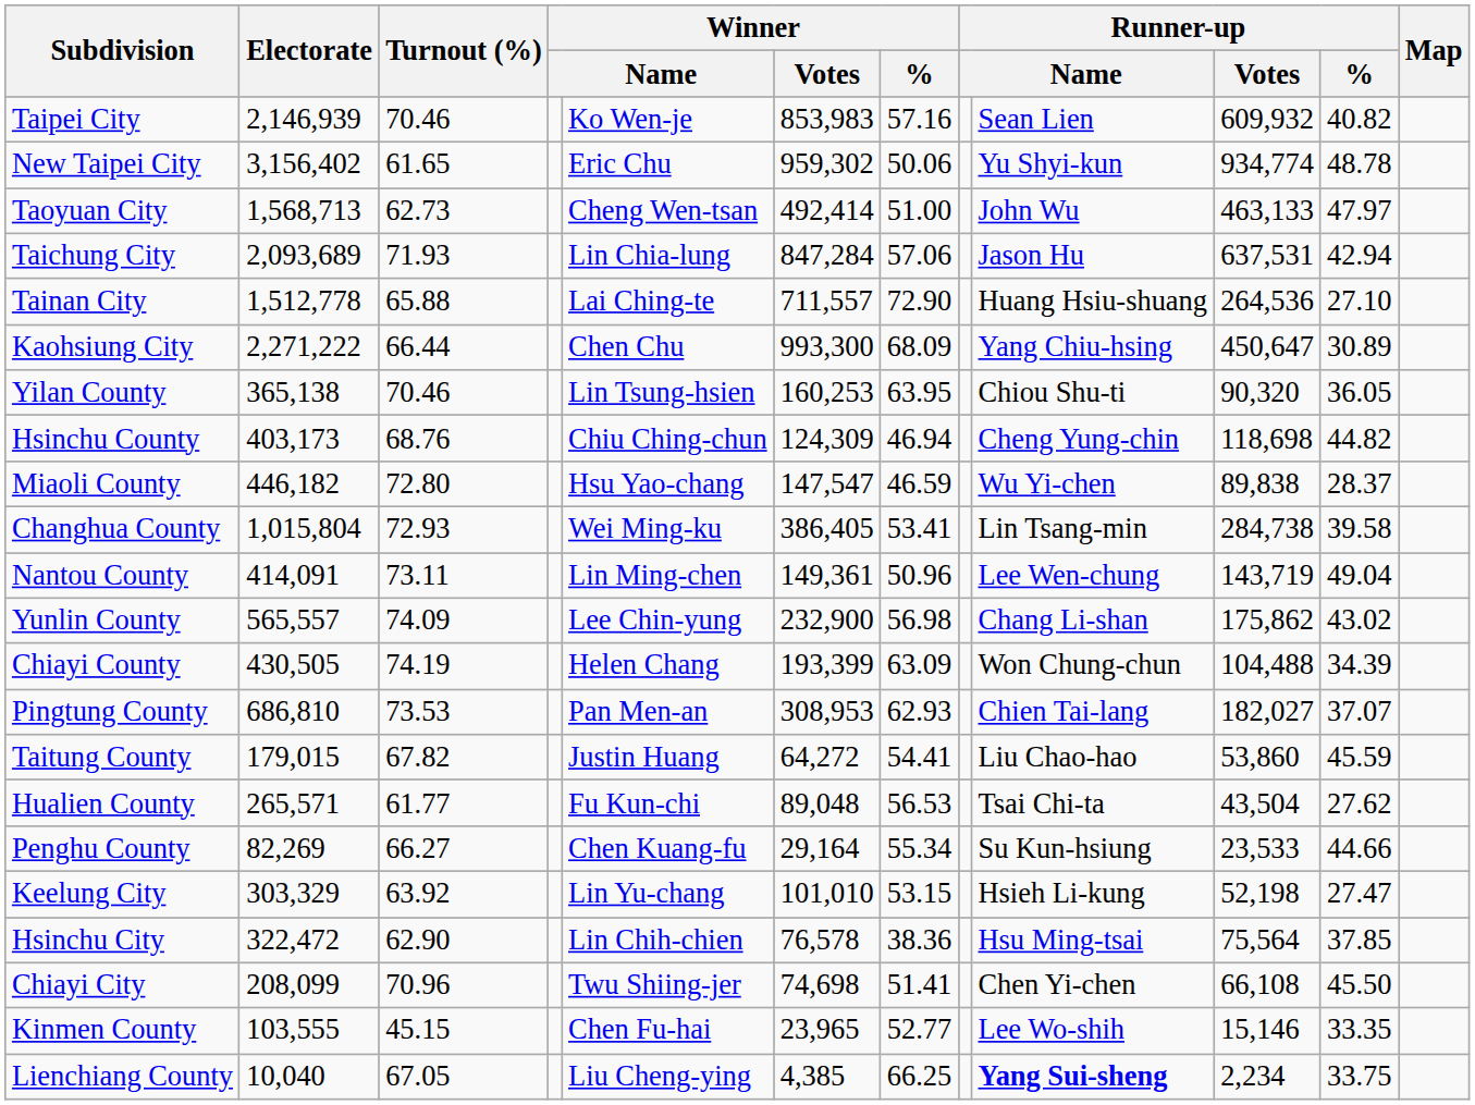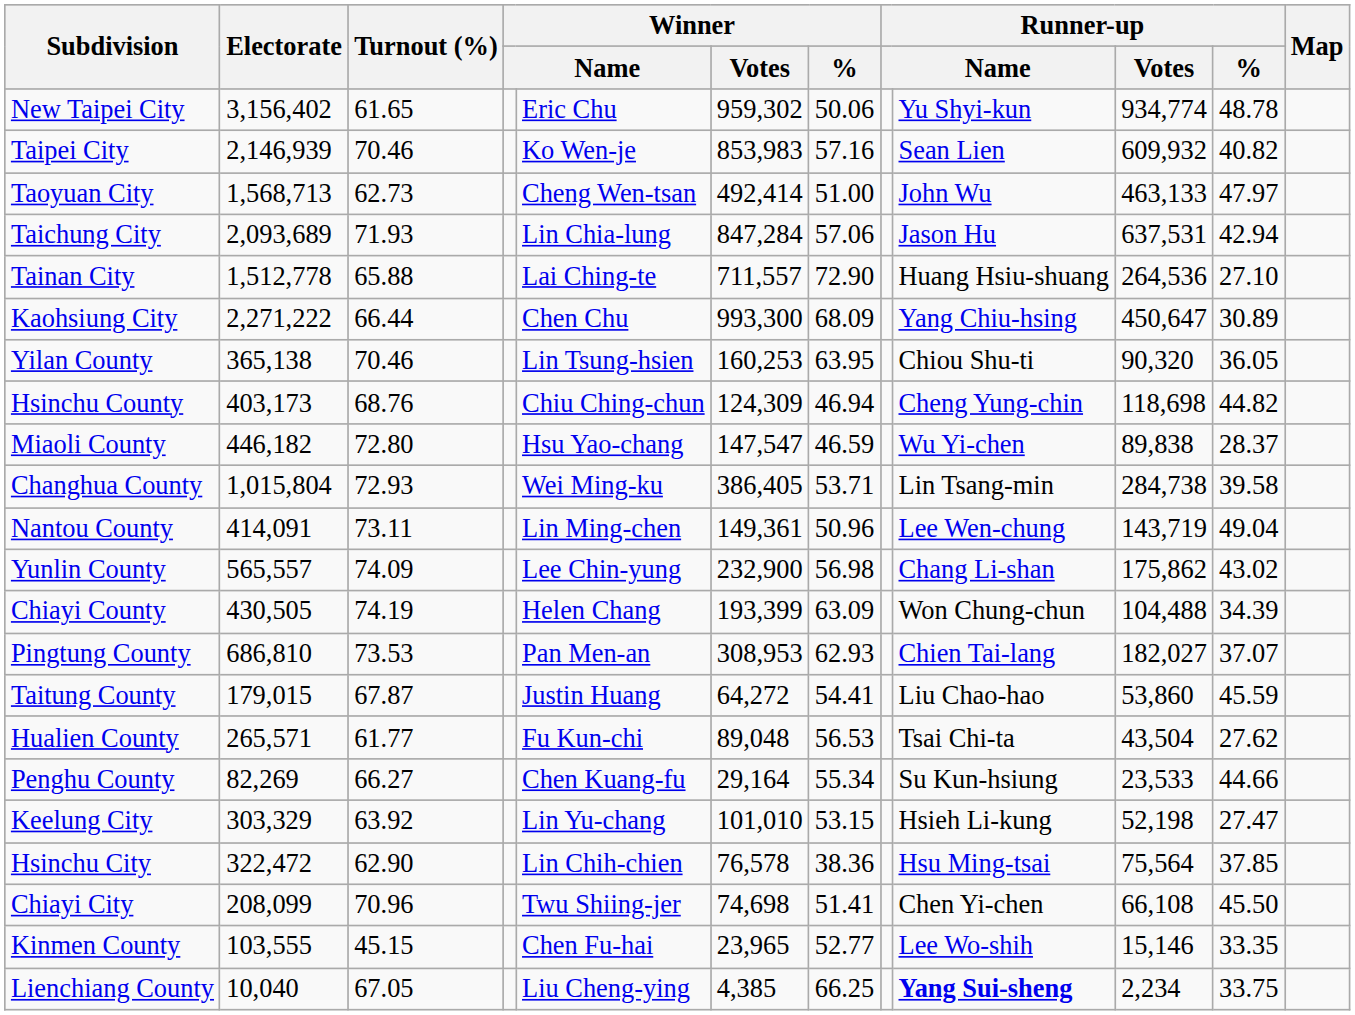 <table class="wikitable sortable">
 <tr>
 <th rowspan="2">Subdivision</th>
 <th rowspan="2">Electorate</th>
 <th rowspan="2">Turnout (%)</th>
 <th colspan="4">Winner</th>
 <th colspan="4">Runner-up</th>
 <th rowspan="2">Map</th>
 </tr>
 <tr>
 <th colspan="2">Name</th>
 <th>Votes</th>
 <th>%</th>
 <th colspan="2">Name</th>
 <th>Votes</th>
 <th>%</th>
 </tr>
 <tr>
+<td><a href='#'>New Taipei City</a></td>
+<td>3,156,402</td>
+<td>61.65</td>
+<td style="background-color:"></td>
+<td><a href='#'>Eric Chu</a></td>
+<td>959,302</td>
+<td>50.06</td>
+<td style="background-color:"></td>
+<td><a href='#'>Yu Shyi-kun</a></td>
+<td>934,774</td>
+<td>48.78</td>
+<td></td>
+</tr>
+<tr>
 <td><a href='#'>Taipei City</a></td>
 <td>2,146,939</td>
 <td>70.46</td>
 <td style="background-color:"></td>
 <td><a href='#'>Ko Wen-je</a></td>
 <td>853,983</td>
 <td>57.16</td>
 <td style="background-color:"></td>
 <td><a href='#'>Sean Lien</a></td>
 <td>609,932</td>
 <td>40.82</td>
-<td></td>
-</tr>
-<tr>
-<td><a href='#'>New Taipei City</a></td>
-<td>3,156,402</td>
-<td>61.65</td>
-<td style="background-color:"></td>
-<td><a href='#'>Eric Chu</a></td>
-<td>959,302</td>
-<td>50.06</td>
-<td style="background-color:"></td>
-<td><a href='#'>Yu Shyi-kun</a></td>
-<td>934,774</td>
-<td>48.78</td>
 <td></td>
 </tr>
 <tr>
 <td><a href='#'>Taoyuan City</a></td>
 <td>1,568,713</td>
 <td>62.73</td>
 <td style="background-color:"></td>
 <td><a href='#'>Cheng Wen-tsan</a></td>
 <td>492,414</td>
 <td>51.00</td>
 <td style="background-color:"></td>
 <td><a href='#'>John Wu</a></td>
 <td>463,133</td>
 <td>47.97</td>
 <td></td>
 </tr>
 <tr>
 <td><a href='#'>Taichung City</a></td>
 <td>2,093,689</td>
 <td>71.93</td>
 <td style="background-color:"></td>
 <td><a href='#'>Lin Chia-lung</a></td>
 <td>847,284</td>
 <td>57.06</td>
 <td style="background-color:"></td>
 <td><a href='#'>Jason Hu</a></td>
 <td>637,531</td>
 <td>42.94</td>
 <td></td>
 </tr>
 <tr>
 <td><a href='#'>Tainan City</a></td>
 <td>1,512,778</td>
 <td>65.88</td>
 <td style="background-color:"></td>
 <td><a href='#'>Lai Ching-te</a></td>
 <td>711,557</td>
 <td>72.90</td>
 <td style="background-color:"></td>
 <td>Huang Hsiu-shuang</td>
 <td>264,536</td>
 <td>27.10</td>
 <td></td>
 </tr>
 <tr>
 <td><a href='#'>Kaohsiung City</a></td>
 <td>2,271,222</td>
 <td>66.44</td>
 <td style="background-color:"></td>
 <td><a href='#'>Chen Chu</a></td>
 <td>993,300</td>
 <td>68.09</td>
 <td style="background-color:"></td>
 <td><a href='#'>Yang Chiu-hsing</a></td>
 <td>450,647</td>
 <td>30.89</td>
 <td></td>
 </tr>
 <tr>
 <td><a href='#'>Yilan County</a></td>
 <td>365,138</td>
 <td>70.46</td>
 <td style="background-color:"></td>
 <td><a href='#'>Lin Tsung-hsien</a></td>
 <td>160,253</td>
 <td>63.95</td>
 <td style="background-color:"></td>
 <td>Chiou Shu-ti</td>
 <td>90,320</td>
 <td>36.05</td>
 <td></td>
 </tr>
 <tr>
 <td><a href='#'>Hsinchu County</a></td>
 <td>403,173</td>
 <td>68.76</td>
 <td style="background-color:"></td>
 <td><a href='#'>Chiu Ching-chun</a></td>
 <td>124,309</td>
 <td>46.94</td>
 <td style="background-color:"></td>
 <td><a href='#'>Cheng Yung-chin</a></td>
 <td>118,698</td>
 <td>44.82</td>
 <td></td>
 </tr>
 <tr>
 <td><a href='#'>Miaoli County</a></td>
 <td>446,182</td>
 <td>72.80</td>
 <td style="background-color:"></td>
 <td><a href='#'>Hsu Yao-chang</a></td>
 <td>147,547</td>
 <td>46.59</td>
 <td style="background-color:"></td>
 <td><a href='#'>Wu Yi-chen</a></td>
 <td>89,838</td>
 <td>28.37</td>
 <td></td>
 </tr>
 <tr>
 <td><a href='#'>Changhua County</a></td>
 <td>1,015,804</td>
 <td>72.93</td>
 <td style="background-color:"></td>
 <td><a href='#'>Wei Ming-ku</a></td>
 <td>386,405</td>
-<td>53.41</td>
+<td>53.71</td>
 <td style="background-color:"></td>
 <td>Lin Tsang-min</td>
 <td>284,738</td>
 <td>39.58</td>
 <td></td>
 </tr>
 <tr>
 <td><a href='#'>Nantou County</a></td>
 <td>414,091</td>
 <td>73.11</td>
 <td style="background-color:"></td>
 <td><a href='#'>Lin Ming-chen</a></td>
 <td>149,361</td>
 <td>50.96</td>
 <td style="background-color:"></td>
 <td><a href='#'>Lee Wen-chung</a></td>
 <td>143,719</td>
 <td>49.04</td>
 <td></td>
 </tr>
 <tr>
 <td><a href='#'>Yunlin County</a></td>
 <td>565,557</td>
 <td>74.09</td>
 <td style="background-color:"></td>
 <td><a href='#'>Lee Chin-yung</a></td>
 <td>232,900</td>
 <td>56.98</td>
 <td style="background-color:"></td>
 <td><a href='#'>Chang Li-shan</a></td>
 <td>175,862</td>
 <td>43.02</td>
 <td></td>
 </tr>
 <tr>
 <td><a href='#'>Chiayi County</a></td>
 <td>430,505</td>
 <td>74.19</td>
 <td style="background-color:"></td>
 <td><a href='#'>Helen Chang</a></td>
 <td>193,399</td>
 <td>63.09</td>
 <td style="background-color:"></td>
 <td>Won Chung-chun</td>
 <td>104,488</td>
 <td>34.39</td>
 <td></td>
 </tr>
 <tr>
 <td><a href='#'>Pingtung County</a></td>
 <td>686,810</td>
 <td>73.53</td>
 <td style="background-color:"></td>
 <td><a href='#'>Pan Men-an</a></td>
 <td>308,953</td>
 <td>62.93</td>
 <td style="background-color:"></td>
 <td><a href='#'>Chien Tai-lang</a></td>
 <td>182,027</td>
 <td>37.07</td>
 <td></td>
 </tr>
 <tr>
 <td><a href='#'>Taitung County</a></td>
 <td>179,015</td>
-<td>67.82</td>
+<td>67.87</td>
 <td style="background-color:"></td>
 <td><a href='#'>Justin Huang</a></td>
 <td>64,272</td>
 <td>54.41</td>
 <td style="background-color:"></td>
 <td>Liu Chao-hao</td>
 <td>53,860</td>
 <td>45.59</td>
 <td></td>
 </tr>
 <tr>
 <td><a href='#'>Hualien County</a></td>
 <td>265,571</td>
 <td>61.77</td>
 <td style="background-color:"></td>
 <td><a href='#'>Fu Kun-chi</a></td>
 <td>89,048</td>
 <td>56.53</td>
 <td style="background-color:"></td>
 <td>Tsai Chi-ta</td>
 <td>43,504</td>
 <td>27.62</td>
 <td></td>
 </tr>
 <tr>
 <td><a href='#'>Penghu County</a></td>
 <td>82,269</td>
 <td>66.27</td>
 <td style="background-color:"></td>
 <td><a href='#'>Chen Kuang-fu</a></td>
 <td>29,164</td>
 <td>55.34</td>
 <td style="background-color:"></td>
 <td>Su Kun-hsiung</td>
 <td>23,533</td>
 <td>44.66</td>
 <td></td>
 </tr>
 <tr>
 <td><a href='#'>Keelung City</a></td>
 <td>303,329</td>
 <td>63.92</td>
 <td style="background-color:"></td>
 <td><a href='#'>Lin Yu-chang</a></td>
 <td>101,010</td>
 <td>53.15</td>
 <td style="background-color:"></td>
 <td>Hsieh Li-kung</td>
 <td>52,198</td>
 <td>27.47</td>
 <td></td>
 </tr>
 <tr>
 <td><a href='#'>Hsinchu City</a></td>
 <td>322,472</td>
 <td>62.90</td>
 <td style="background-color:"></td>
 <td><a href='#'>Lin Chih-chien</a></td>
 <td>76,578</td>
 <td>38.36</td>
 <td style="background-color:"></td>
 <td><a href='#'>Hsu Ming-tsai</a></td>
 <td>75,564</td>
 <td>37.85</td>
 <td></td>
 </tr>
 <tr>
 <td><a href='#'>Chiayi City</a></td>
 <td>208,099</td>
 <td>70.96</td>
 <td style="background-color:"></td>
 <td><a href='#'>Twu Shiing-jer</a></td>
 <td>74,698</td>
 <td>51.41</td>
 <td style="background-color:"></td>
 <td>Chen Yi-chen</td>
 <td>66,108</td>
 <td>45.50</td>
 <td></td>
 </tr>
 <tr>
 <td><a href='#'>Kinmen County</a></td>
 <td>103,555</td>
 <td>45.15</td>
 <td style="background-color:"></td>
 <td><a href='#'>Chen Fu-hai</a></td>
 <td>23,965</td>
 <td>52.77</td>
 <td style="background-color:"></td>
 <td><a href='#'>Lee Wo-shih</a></td>
 <td>15,146</td>
 <td>33.35</td>
 <td></td>
 </tr>
 <tr>
 <td><a href='#'>Lienchiang County</a></td>
 <td>10,040</td>
 <td>67.05</td>
 <td style="background-color:"></td>
 <td><a href='#'>Liu Cheng-ying</a></td>
 <td>4,385</td>
 <td>66.25</td>
 <td style="background-color:"></td>
 <td><strong><a href='#'>Yang Sui-sheng</a></strong></td>
 <td>2,234</td>
 <td>33.75</td>
 <td></td>
 </tr>
 </table>
